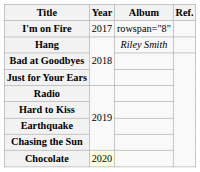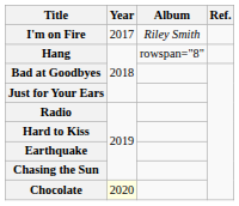 <table class="wikitable plainrowheaders" style="text-align:center;">
 <tr>
 <th scope="col">Title</th>
 <th>Year</th>
 <th>Album</th>
 <th>Ref.</th>
 </tr>
 <tr>
 <th scope="row">I'm on Fire</th>
 <td>2017</td>
-<td>rowspan="8" </td>
+<td><em>Riley Smith</em></td>
 <td></td>
 </tr>
 <tr>
 <th scope="row">Hang</th>
 <td rowspan="3">2018</td>
-<td><em>Riley Smith</em></td>
+<td>rowspan="8" </td>
 <td></td>
 </tr>
 <tr>
 <th scope="row">Bad at Goodbyes</th>
 <td></td>
 </tr>
 <tr>
 <th scope="row">Just for Your Ears</th>
 <td></td>
 </tr>
 <tr>
 <th scope="row">Radio</th>
 <td rowspan="4">2019</td>
 <td></td>
 </tr>
 <tr>
 <th scope="row">Hard to Kiss</th>
 <td></td>
 </tr>
 <tr>
 <th scope="row">Earthquake</th>
 <td></td>
 </tr>
 <tr>
 <th scope="row">Chasing the Sun</th>
 <td></td>
 </tr>
 <tr>
 <th scope="row">Chocolate</th>
 <td style="background: lightyellow;">2020</td>
 <td></td>
 </tr>
 </table>
